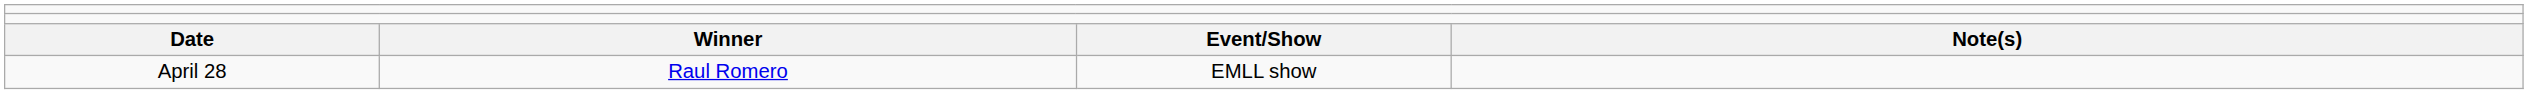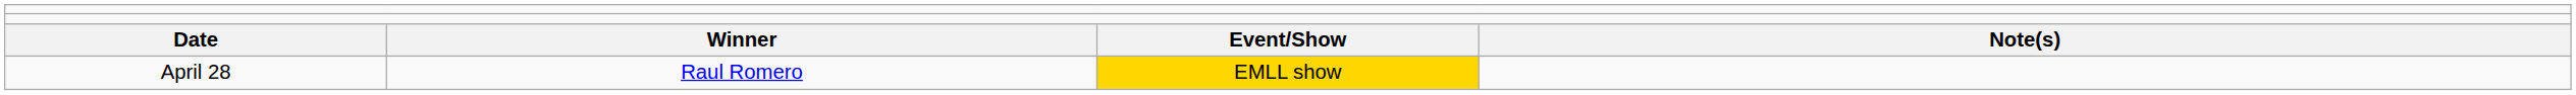 <table class="wikitable" style="text-align:center; width:100%;">
 <tr>
 <td colspan=5></td>
 </tr>
 <tr>
 <td colspan=5><strong></strong></td>
 </tr>
 <tr>
 <th width=14%>Date</th>
 <th width=26%>Winner</th>
 <th width=14%>Event/Show</th>
 <th width=40%>Note(s)</th>
 </tr>
 <tr>
 <td>April 28</td>
 <td><a href='#'>Raul Romero</a></td>
-<td>EMLL show</td>
+<td style="background: gold;">EMLL show</td>
 <td align=left></td>
 </tr>
 </table>
